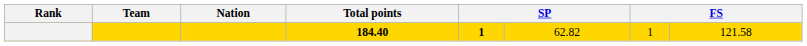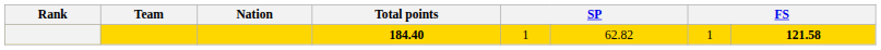 <table class="wikitable sortable" style="text-align:center;" width="70%">
 <tr>
 <th scope="col">Rank</th>
 <th scope="col">Team</th>
 <th scope="col">Nation</th>
 <th scope="col">Total points</th>
 <th scope="col" colspan="2" width="80px"><a href='#'>SP</a></th>
 <th scope="col" colspan="2" width="80px"><a href='#'>FS</a></th>
 </tr>
 <tr bgcolor="gold">
 <th scope="row"></th>
 <td align="left"></td>
 <td align="left"></td>
 <td><strong>184.40</strong></td>
-<td><strong>1</strong></td>
+<td>1</td>
 <td>62.82</td>
 <td>1</td>
-<td>121.58</td>
+<td><strong>121.58</strong></td>
 </tr>
 </table>
